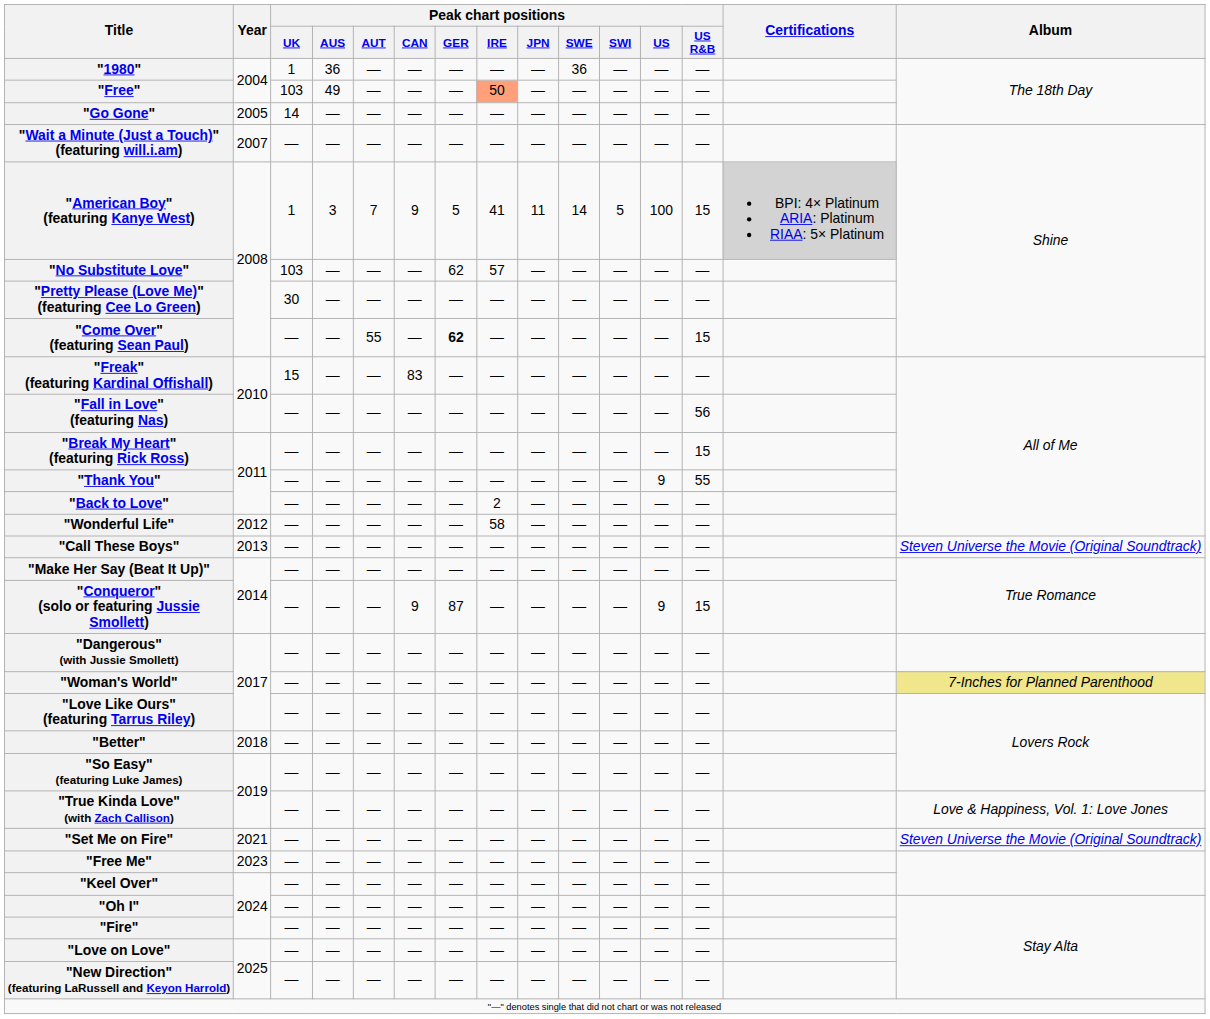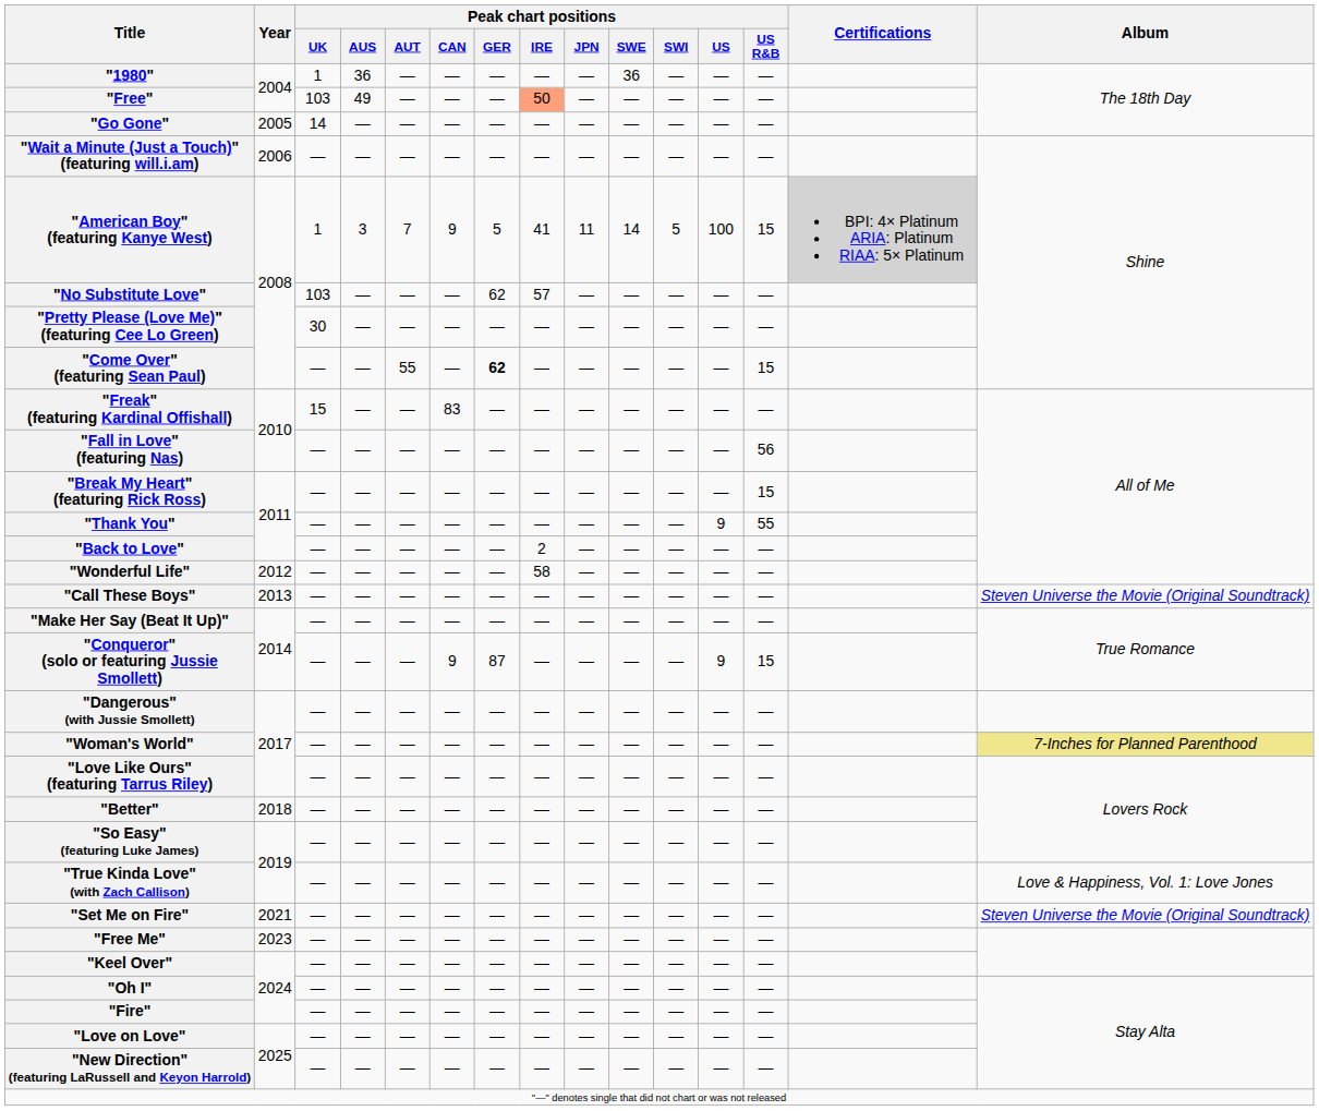 <table class="wikitable plainrowheaders" style="text-align:center;">
 <tr>
 <th scope="col" rowspan="2" style="width:16em;">Title</th>
 <th scope="col" rowspan="2">Year</th>
 <th scope="col" colspan="11">Peak chart positions</th>
 <th scope="col" rowspan="2" style="width:12em;"><a href='#'>Certifications</a></th>
 <th scope="col" rowspan="2">Album</th>
 </tr>
 <tr>
 <th scope="col" style="width:3em;font-size:85%;"><a href='#'>UK</a><br></th>
 <th scope="col" style="width:3em;font-size:85%;"><a href='#'>AUS</a><br></th>
 <th scope="col" style="width:3em;font-size:85%;"><a href='#'>AUT</a><br></th>
 <th scope="col" style="width:3em;font-size:85%;"><a href='#'>CAN</a><br></th>
 <th scope="col" style="width:3em;font-size:85%;"><a href='#'>GER</a><br></th>
 <th scope="col" style="width:3em;font-size:85%;"><a href='#'>IRE</a><br></th>
 <th scope="col" style="width:3em;font-size:85%;"><a href='#'>JPN</a><br></th>
 <th scope="col" style="width:3em;font-size:85%;"><a href='#'>SWE</a><br></th>
 <th scope="col" style="width:3em;font-size:85%;"><a href='#'>SWI</a><br></th>
 <th scope="col" style="width:3em;font-size:85%;"><a href='#'>US</a><br></th>
 <th scope="col" style="width:3em;font-size:85%;"><a href='#'>US R&B</a><br></th>
 </tr>
 <tr>
 <th scope="row">"<a href='#'>1980</a>"</th>
 <td rowspan="2">2004</td>
 <td>1</td>
 <td>36</td>
 <td>—</td>
 <td>—</td>
 <td>—</td>
 <td>—</td>
 <td>—</td>
 <td>36</td>
 <td>—</td>
 <td>—</td>
 <td>—</td>
 <td></td>
 <td rowspan="3"><em>The 18th Day</em></td>
 </tr>
 <tr>
 <th scope="row">"<a href='#'>Free</a>"</th>
 <td>103</td>
 <td>49</td>
 <td>—</td>
 <td>—</td>
 <td>—</td>
 <td style="background: lightsalmon;">50</td>
 <td>—</td>
 <td>—</td>
 <td>—</td>
 <td>—</td>
 <td>—</td>
 <td></td>
 </tr>
 <tr>
 <th scope="row">"<a href='#'>Go Gone</a>"</th>
 <td>2005</td>
 <td>14</td>
 <td>—</td>
 <td>—</td>
 <td>—</td>
 <td>—</td>
 <td>—</td>
 <td>—</td>
 <td>—</td>
 <td>—</td>
 <td>—</td>
 <td>—</td>
 <td></td>
 </tr>
 <tr>
 <th scope="row">"<a href='#'>Wait a Minute (Just a Touch)</a>"<br><span>(featuring <a href='#'>will.i.am</a>)</span></th>
-<td>2007</td>
+<td>2006</td>
 <td>—</td>
 <td>—</td>
 <td>—</td>
 <td>—</td>
 <td>—</td>
 <td>—</td>
 <td>—</td>
 <td>—</td>
 <td>—</td>
 <td>—</td>
 <td>—</td>
 <td></td>
 <td rowspan="5"><em>Shine</em></td>
 </tr>
 <tr>
 <th scope="row">"<a href='#'>American Boy</a>"<br><span>(featuring <a href='#'>Kanye West</a>)</span></th>
 <td rowspan="4">2008</td>
 <td>1</td>
 <td>3</td>
 <td>7</td>
 <td>9</td>
 <td>5</td>
 <td>41</td>
 <td>11</td>
 <td>14</td>
 <td>5</td>
 <td>100</td>
 <td>15</td>
 <td style="background: lightgrey;"><br><ul><li>BPI: 4× Platinum</li><li><a href='#'>ARIA</a>: Platinum</li><li><a href='#'>RIAA</a>: 5× Platinum</li></ul></td>
 </tr>
 <tr>
 <th scope="row">"<a href='#'>No Substitute Love</a>"</th>
 <td>103</td>
 <td>—</td>
 <td>—</td>
 <td>—</td>
 <td>62</td>
 <td>57<br></td>
 <td>—</td>
 <td>—</td>
 <td>—</td>
 <td>—</td>
 <td>—</td>
 <td></td>
 </tr>
 <tr>
 <th scope="row">"<a href='#'>Pretty Please (Love Me)</a>"<br><span>(featuring <a href='#'>Cee Lo Green</a>)</span></th>
 <td>30</td>
 <td>—</td>
 <td>—</td>
 <td>—</td>
 <td>—</td>
 <td>—</td>
 <td>—</td>
 <td>—</td>
 <td>—</td>
 <td>—</td>
 <td>—</td>
 <td></td>
 </tr>
 <tr>
 <th scope="row">"<a href='#'>Come Over</a>"<br><span>(featuring <a href='#'>Sean Paul</a>)</span></th>
 <td>—</td>
 <td>—</td>
 <td>55</td>
 <td>—</td>
 <td><strong>62</strong></td>
 <td>—</td>
 <td>—</td>
 <td>—</td>
 <td>—</td>
 <td>—</td>
 <td>15</td>
 <td></td>
 </tr>
 <tr>
 <th scope="row">"<a href='#'>Freak</a>"<br><span>(featuring <a href='#'>Kardinal Offishall</a>)</span></th>
 <td rowspan="2">2010</td>
 <td>15</td>
 <td>—</td>
 <td>—</td>
 <td>83</td>
 <td>—</td>
 <td>—</td>
 <td>—</td>
 <td>—</td>
 <td>—</td>
 <td>—</td>
 <td>—</td>
 <td></td>
 <td rowspan="6"><em>All of Me</em></td>
 </tr>
 <tr>
 <th scope="row">"<a href='#'>Fall in Love</a>"<br><span>(featuring <a href='#'>Nas</a>)</span></th>
 <td>—</td>
 <td>—</td>
 <td>—</td>
 <td>—</td>
 <td>—</td>
 <td>—</td>
 <td>—</td>
 <td>—</td>
 <td>—</td>
 <td>—</td>
 <td>56</td>
 <td></td>
 </tr>
 <tr>
 <th scope="row">"<a href='#'>Break My Heart</a>"<br><span>(featuring <a href='#'>Rick Ross</a>)</span></th>
 <td rowspan="3">2011</td>
 <td>—</td>
 <td>—</td>
 <td>—</td>
 <td>—</td>
 <td>—</td>
 <td>—</td>
 <td>—</td>
 <td>—</td>
 <td>—</td>
 <td>—</td>
 <td>15</td>
 <td></td>
 </tr>
 <tr>
 <th scope="row">"<a href='#'>Thank You</a>"</th>
 <td>—</td>
 <td>—</td>
 <td>—</td>
 <td>—</td>
 <td>—</td>
 <td>—</td>
 <td>—</td>
 <td>—</td>
 <td>—</td>
 <td>9</td>
 <td>55</td>
 <td></td>
 </tr>
 <tr>
 <th scope="row">"<a href='#'>Back to Love</a>"</th>
 <td>—</td>
 <td>—</td>
 <td>—</td>
 <td>—</td>
 <td>—</td>
 <td>2</td>
 <td>—</td>
 <td>—</td>
 <td>—</td>
 <td>—</td>
 <td>—</td>
 <td></td>
 </tr>
 <tr>
 <th scope="row">"Wonderful Life"</th>
 <td>2012</td>
 <td>—</td>
 <td>—</td>
 <td>—</td>
 <td>—</td>
 <td>—</td>
 <td>58</td>
 <td>—</td>
 <td>—</td>
 <td>—</td>
 <td>—</td>
 <td>—</td>
 <td></td>
 </tr>
 <tr>
 <th scope="row">"Call These Boys"</th>
 <td>2013</td>
 <td>—</td>
 <td>—</td>
 <td>—</td>
 <td>—</td>
 <td>—</td>
 <td>—</td>
 <td>—</td>
 <td>—</td>
 <td>—</td>
 <td>—</td>
 <td>—</td>
 <td></td>
 <td><em><a href='#'>Steven Universe the Movie (Original Soundtrack)</a></em></td>
 </tr>
 <tr>
 <th scope="row">"Make Her Say (Beat It Up)"</th>
 <td rowspan="2">2014</td>
 <td>—</td>
 <td>—</td>
 <td>—</td>
 <td>—</td>
 <td>—</td>
 <td>—</td>
 <td>—</td>
 <td>—</td>
 <td>—</td>
 <td>—</td>
 <td>—</td>
 <td></td>
 <td rowspan="2"><em>True Romance</em></td>
 </tr>
 <tr>
 <th scope="row">"<a href='#'>Conqueror</a>"<br><span>(solo or featuring <a href='#'>Jussie Smollett</a>)</span></th>
 <td>—</td>
 <td>—</td>
 <td>—</td>
 <td>9</td>
 <td>87</td>
 <td>—</td>
 <td>—</td>
 <td>—</td>
 <td>—</td>
 <td>9</td>
 <td>15</td>
 <td></td>
 </tr>
 <tr>
 <th scope="row">"Dangerous"<br><small>(with Jussie Smollett)</small></th>
 <td rowspan="3">2017</td>
 <td>—</td>
 <td>—</td>
 <td>—</td>
 <td>—</td>
 <td>—</td>
 <td>—</td>
 <td>—</td>
 <td>—</td>
 <td>—</td>
 <td>—</td>
 <td>—</td>
 <td></td>
 <td></td>
 </tr>
 <tr>
 <th scope="row">"Woman's World"</th>
 <td>—</td>
 <td>—</td>
 <td>—</td>
 <td>—</td>
 <td>—</td>
 <td>—</td>
 <td>—</td>
 <td>—</td>
 <td>—</td>
 <td>—</td>
 <td>—</td>
 <td></td>
 <td style="background: khaki;"><em>7-Inches for Planned Parenthood</em></td>
 </tr>
 <tr>
 <th scope="row">"Love Like Ours"<br><span>(featuring <a href='#'>Tarrus Riley</a>)</span></th>
 <td>—</td>
 <td>—</td>
 <td>—</td>
 <td>—</td>
 <td>—</td>
 <td>—</td>
 <td>—</td>
 <td>—</td>
 <td>—</td>
 <td>—</td>
 <td>—</td>
 <td></td>
 <td rowspan="3"><em>Lovers Rock</em></td>
 </tr>
 <tr>
 <th scope="row">"Better"</th>
 <td>2018</td>
 <td>—</td>
 <td>—</td>
 <td>—</td>
 <td>—</td>
 <td>—</td>
 <td>—</td>
 <td>—</td>
 <td>—</td>
 <td>—</td>
 <td>—</td>
 <td>—</td>
 <td></td>
 </tr>
 <tr>
 <th scope="row">"So Easy" <br><small>(featuring Luke James)</small></th>
 <td rowspan="2">2019</td>
 <td>—</td>
 <td>—</td>
 <td>—</td>
 <td>—</td>
 <td>—</td>
 <td>—</td>
 <td>—</td>
 <td>—</td>
 <td>—</td>
 <td>—</td>
 <td>—</td>
 <td></td>
 </tr>
 <tr>
 <th scope="row">"True Kinda Love" <br><small>(with <a href='#'>Zach Callison</a>)</small></th>
 <td>—</td>
 <td>—</td>
 <td>—</td>
 <td>—</td>
 <td>—</td>
 <td>—</td>
 <td>—</td>
 <td>—</td>
 <td>—</td>
 <td>—</td>
 <td>—</td>
 <td></td>
 <td><em>Love & Happiness, Vol. 1: Love Jones</em></td>
 </tr>
 <tr>
 <th scope="row">"Set Me on Fire"</th>
 <td>2021</td>
 <td>—</td>
 <td>—</td>
 <td>—</td>
 <td>—</td>
 <td>—</td>
 <td>—</td>
 <td>—</td>
 <td>—</td>
 <td>—</td>
 <td>—</td>
 <td>—</td>
 <td></td>
 <td><em><a href='#'>Steven Universe the Movie (Original Soundtrack)</a></em></td>
 </tr>
 <tr>
 <th scope="row">"Free Me"</th>
 <td>2023</td>
 <td>—</td>
 <td>—</td>
 <td>—</td>
 <td>—</td>
 <td>—</td>
 <td>—</td>
 <td>—</td>
 <td>—</td>
 <td>—</td>
 <td>—</td>
 <td>—</td>
 <td></td>
 </tr>
 <tr>
 <th scope="row">"Keel Over"</th>
 <td rowspan="3">2024</td>
 <td>—</td>
 <td>—</td>
 <td>—</td>
 <td>—</td>
 <td>—</td>
 <td>—</td>
 <td>—</td>
 <td>—</td>
 <td>—</td>
 <td>—</td>
 <td>—</td>
 <td></td>
 </tr>
 <tr>
 <th scope="row">"Oh I"</th>
 <td>—</td>
 <td>—</td>
 <td>—</td>
 <td>—</td>
 <td>—</td>
 <td>—</td>
 <td>—</td>
 <td>—</td>
 <td>—</td>
 <td>—</td>
 <td>—</td>
 <td></td>
 <td rowspan="4"><em>Stay Alta</em></td>
 </tr>
 <tr>
 <th scope="row">"Fire"</th>
 <td>—</td>
 <td>—</td>
 <td>—</td>
 <td>—</td>
 <td>—</td>
 <td>—</td>
 <td>—</td>
 <td>—</td>
 <td>—</td>
 <td>—</td>
 <td>—</td>
 <td></td>
 </tr>
 <tr>
 <th scope="row">"Love on Love"</th>
 <td rowspan="2">2025</td>
 <td>—</td>
 <td>—</td>
 <td>—</td>
 <td>—</td>
 <td>—</td>
 <td>—</td>
 <td>—</td>
 <td>—</td>
 <td>—</td>
 <td>—</td>
 <td>—</td>
 <td></td>
 </tr>
 <tr>
 <th scope="row">"New Direction" <br><small>(featuring LaRussell and <a href='#'>Keyon Harrold</a>)</small></th>
 <td>—</td>
 <td>—</td>
 <td>—</td>
 <td>—</td>
 <td>—</td>
 <td>—</td>
 <td>—</td>
 <td>—</td>
 <td>—</td>
 <td>—</td>
 <td>—</td>
 <td></td>
 </tr>
 <tr>
 <td colspan="15" style="font-size:8pt">"—" denotes single that did not chart or was not released</td>
 </tr>
 </table>
